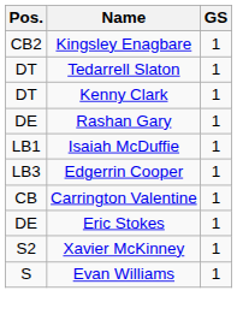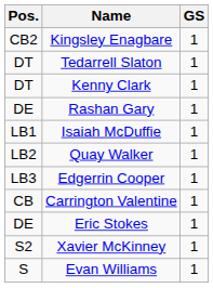 <table class="wikitable" style="text-align:center">
 <tr>
 <th>Pos.</th>
 <th>Name</th>
 <th>GS</th>
 </tr>
 <tr>
 <td>CB2</td>
 <td><a href='#'>Kingsley Enagbare</a></td>
 <td>1</td>
 </tr>
 <tr>
 <td>DT</td>
 <td><a href='#'>Tedarrell Slaton</a></td>
 <td>1</td>
 </tr>
 <tr>
 <td>DT</td>
 <td><a href='#'>Kenny Clark</a></td>
 <td>1</td>
 </tr>
 <tr>
 <td>DE</td>
 <td><a href='#'>Rashan Gary</a></td>
 <td>1</td>
 </tr>
 <tr>
 <td>LB1</td>
 <td><a href='#'>Isaiah McDuffie</a></td>
 <td>1</td>
 </tr>
 <tr>
+<td>LB2</td>
+<td><a href='#'>Quay Walker</a></td>
+<td>1</td>
+</tr>
+<tr>
 <td>LB3</td>
 <td><a href='#'>Edgerrin Cooper</a></td>
 <td>1</td>
 </tr>
 <tr>
 <td>CB</td>
 <td><a href='#'>Carrington Valentine</a></td>
 <td>1</td>
 </tr>
 <tr>
 <td>DE</td>
 <td><a href='#'>Eric Stokes</a></td>
 <td>1</td>
 </tr>
 <tr>
 <td>S2</td>
 <td><a href='#'>Xavier McKinney</a></td>
 <td>1</td>
 </tr>
 <tr>
 <td>S</td>
 <td><a href='#'>Evan Williams</a></td>
 <td>1</td>
 </tr>
 </table>
